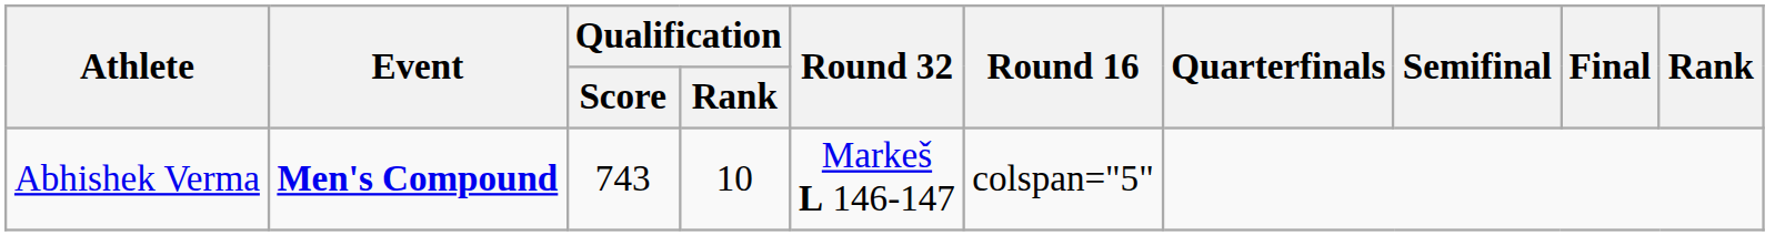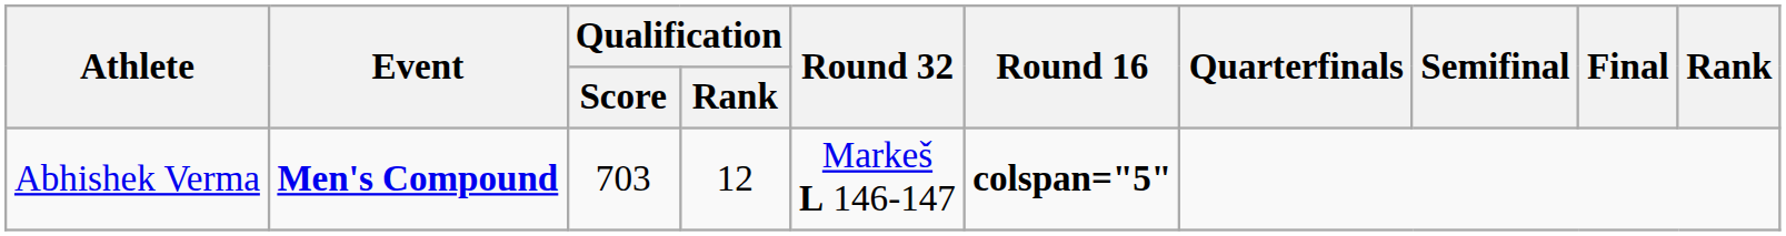 <table class="wikitable" border="1" style="font-size:90%">
 <tr>
 <th rowspan="2">Athlete</th>
 <th rowspan="2">Event</th>
 <th colspan="2">Qualification</th>
 <th rowspan="2">Round 32</th>
 <th rowspan="2">Round 16</th>
 <th rowspan="2">Quarterfinals</th>
 <th rowspan="2">Semifinal</th>
 <th rowspan="2">Final</th>
 <th rowspan="2">Rank</th>
 </tr>
 <tr>
 <th>Score</th>
 <th>Rank</th>
 </tr>
 <tr align=center>
 <td align-left><a href='#'>Abhishek Verma</a></td>
 <td><strong><a href='#'>Men's Compound</a></strong></td>
-<td>743</td>
-<td>10</td>
+<td>703</td>
+<td>12</td>
 <td> <a href='#'>Markeš</a><br><strong>L</strong> 146-147</td>
-<td>colspan="5" </td>
+<td><strong>colspan="5" </strong></td>
 </tr>
 </table>
